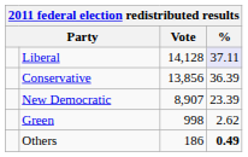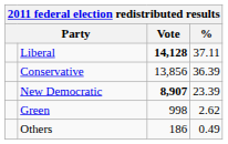 <table class="wikitable">
 <tr>
 <th colspan="4"><a href='#'>2011 federal election</a> redistributed results</th>
 </tr>
 <tr>
 <th bgcolor="#DDDDFF" width="130px" colspan="2">Party</th>
 <th bgcolor="#DDDDFF" width="50px">Vote</th>
 <th bgcolor="#DDDDFF" width="30px">%</th>
 </tr>
 <tr>
 <td> </td>
 <td><a href='#'>Liberal</a></td>
-<td align=right>14,128</td>
-<td align=right style="background: lavender;">37.11</td>
+<td align=right><strong>14,128</strong></td>
+<td align=right>37.11</td>
 </tr>
 <tr>
 <td> </td>
 <td><a href='#'>Conservative</a></td>
 <td align=right>13,856</td>
 <td align=right>36.39</td>
 </tr>
 <tr>
 <td> </td>
 <td><a href='#'>New Democratic</a></td>
-<td align=right>8,907</td>
+<td align=right><strong>8,907</strong></td>
 <td align=right>23.39</td>
 </tr>
 <tr>
 <td> </td>
 <td><a href='#'>Green</a></td>
 <td align=right>998</td>
 <td align=right>2.62</td>
 </tr>
 <tr>
 <td> </td>
 <td>Others</td>
 <td align=right>186</td>
-<td align=right><strong>0.49</strong></td>
+<td align=right>0.49</td>
 </tr>
 </table>
